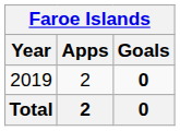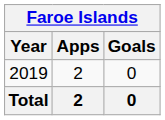 <table class="wikitable" style="text-align:center">
 <tr>
 <th colspan=3><a href='#'>Faroe Islands</a></th>
 </tr>
 <tr>
 <th>Year</th>
 <th>Apps</th>
 <th>Goals</th>
 </tr>
 <tr>
 <td>2019</td>
 <td>2</td>
-<td><strong>0</strong></td>
+<td>0</td>
 </tr>
 <tr>
 <th>Total</th>
 <th>2</th>
 <th>0</th>
 </tr>
 </table>
